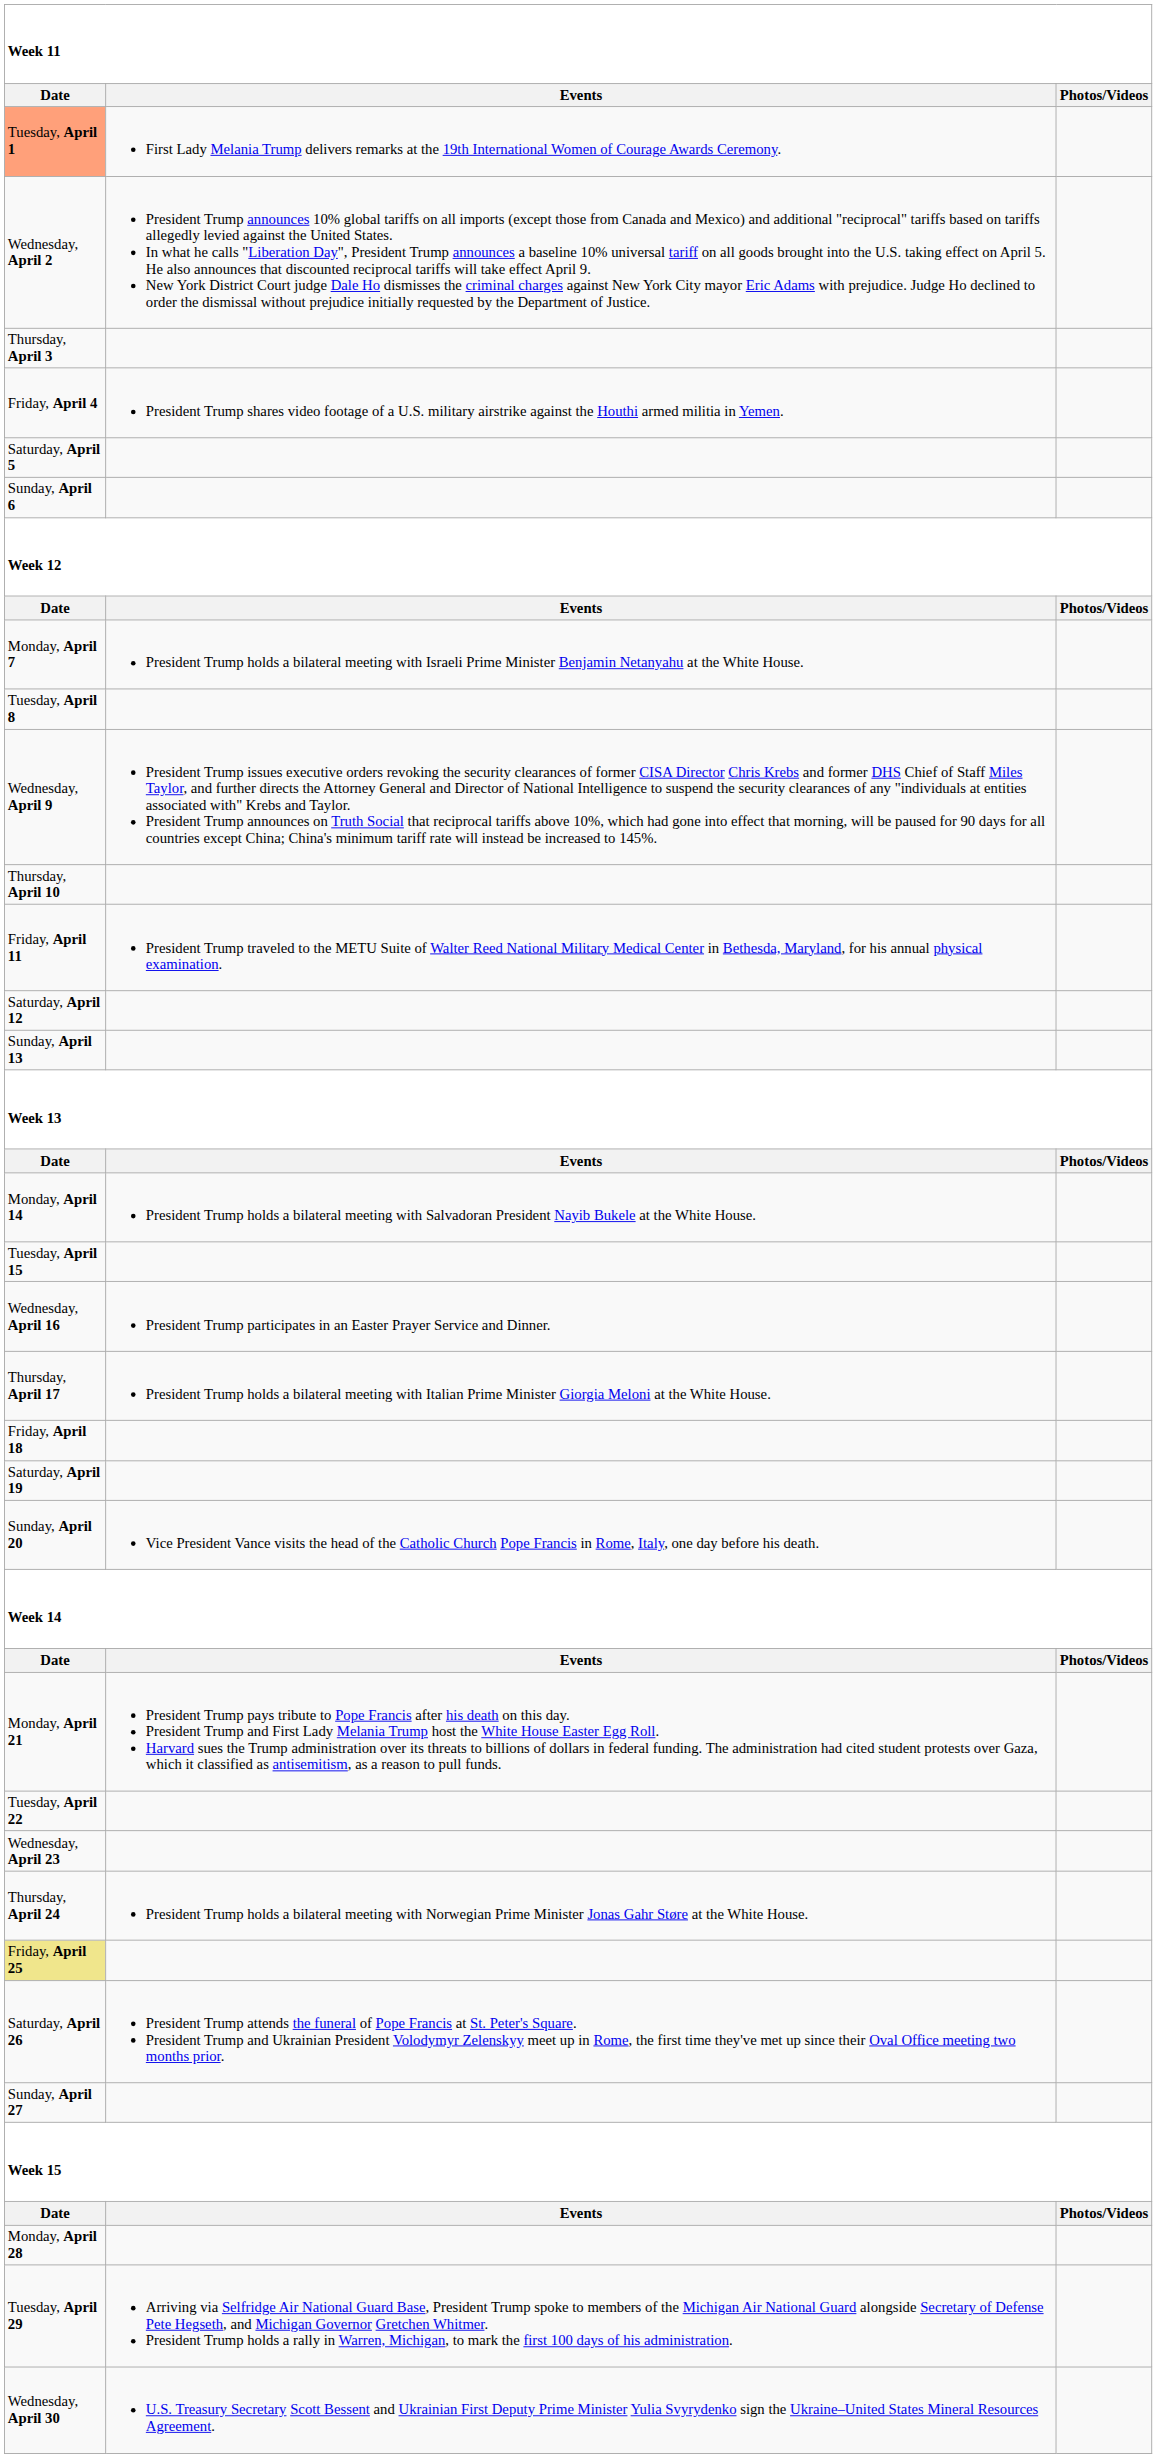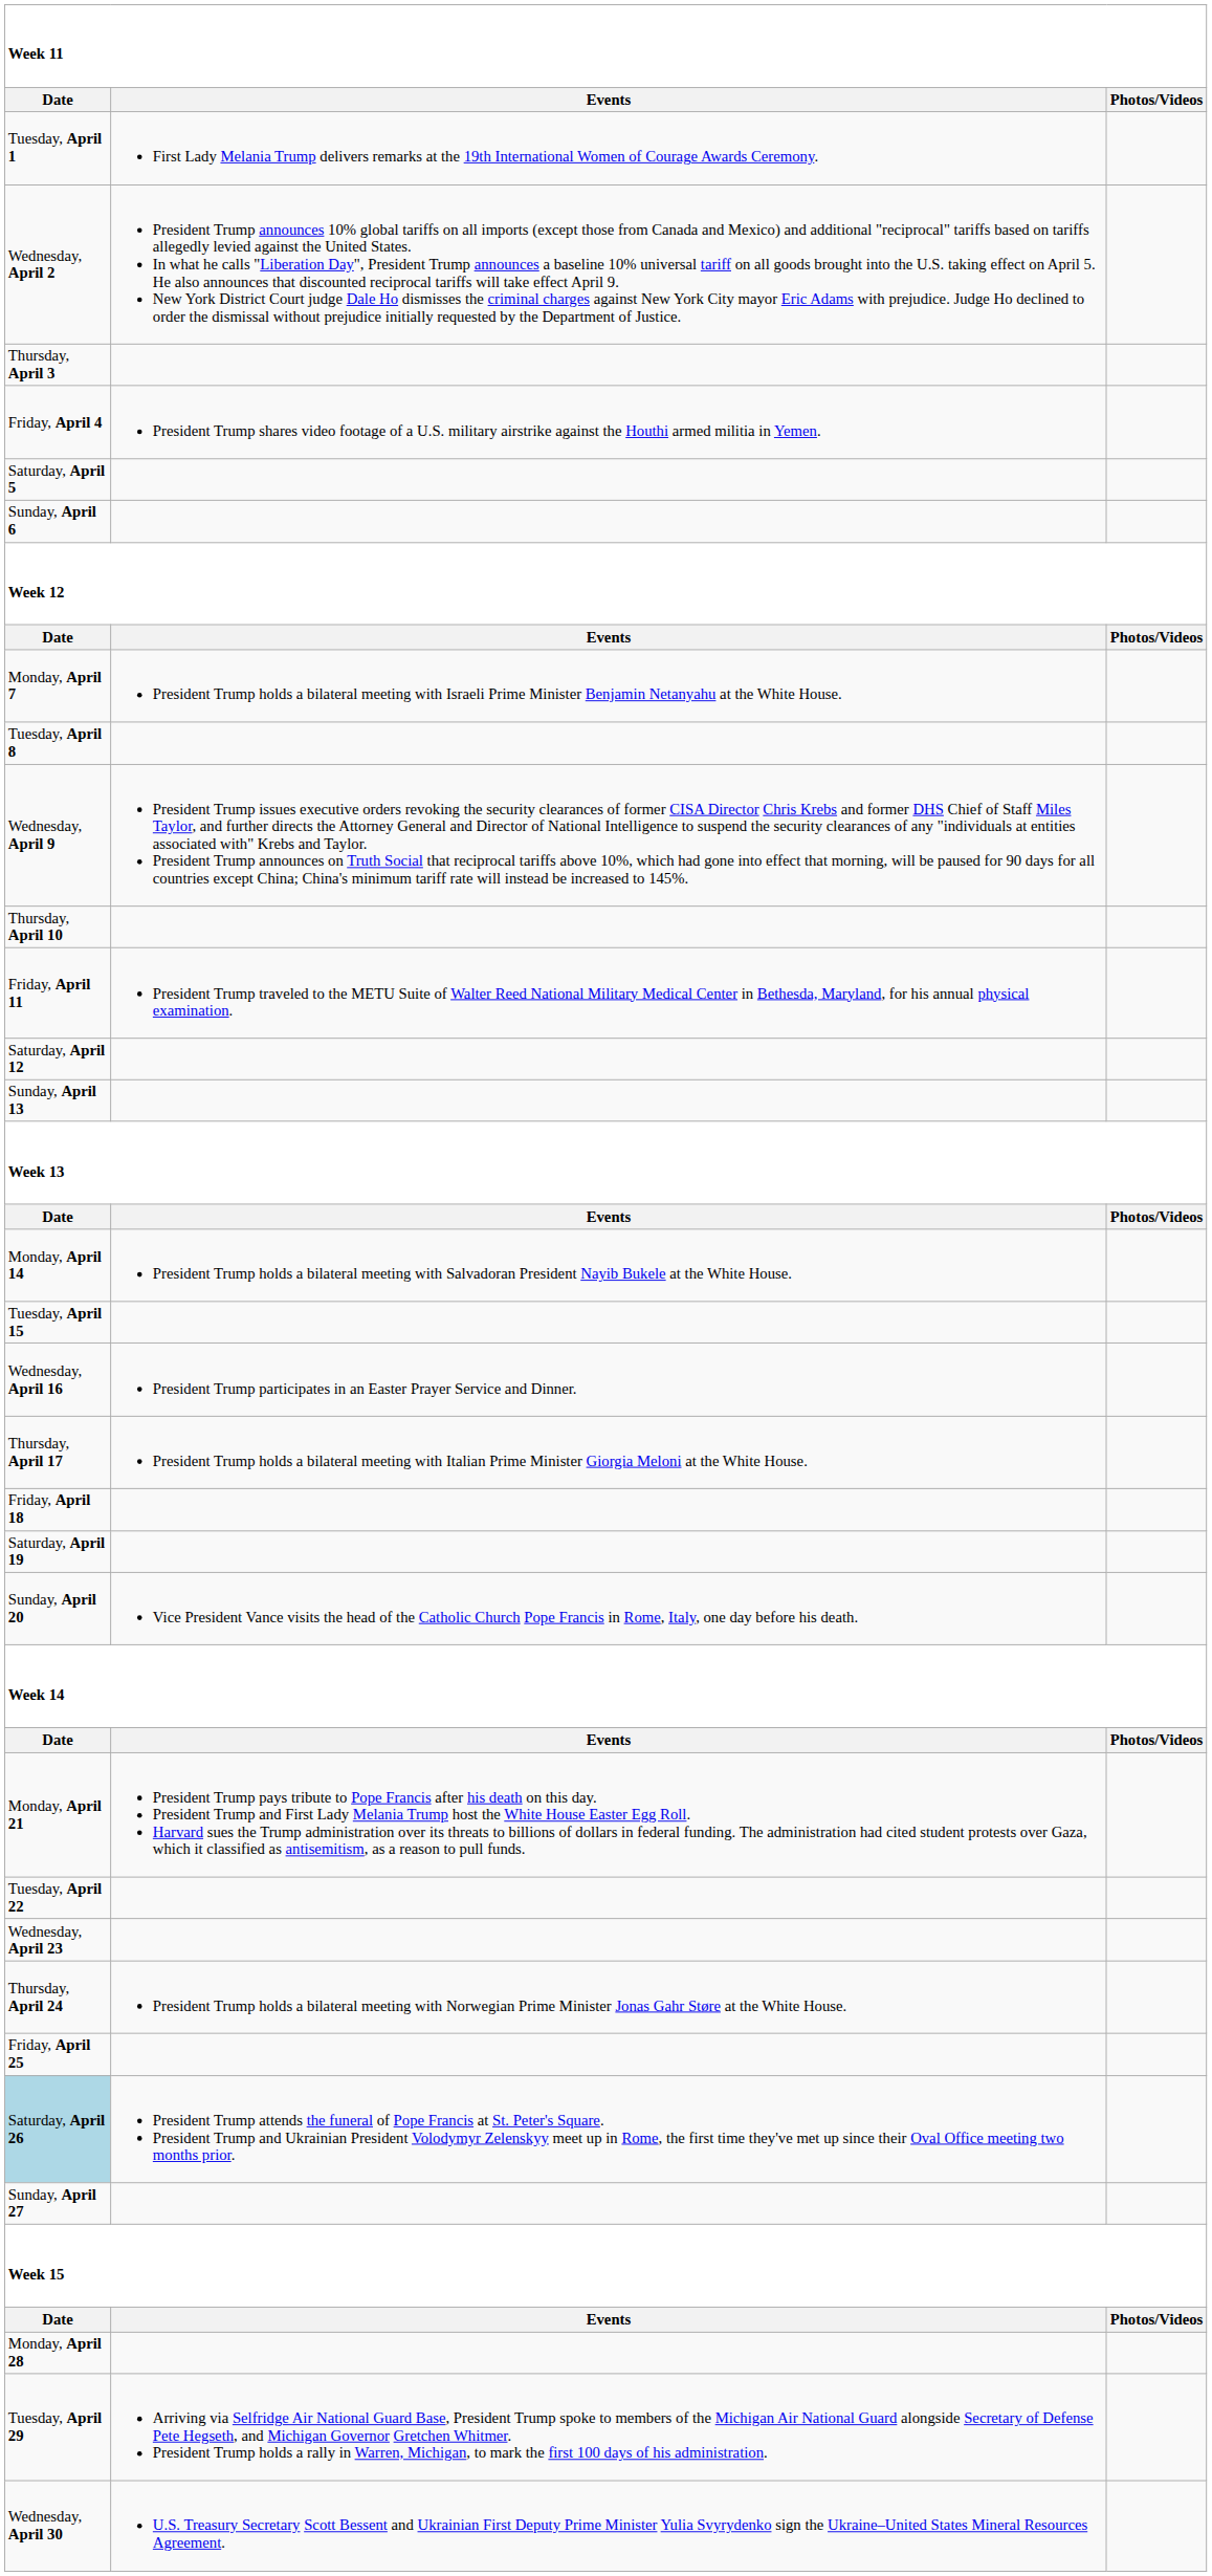 <table class="wikitable">
 <tr style="background:white;">
 <td colspan="3"><br><h4>Week 11</h4></td>
 </tr>
 <tr>
 <th>Date</th>
 <th>Events</th>
 <th>Photos/Videos</th>
 </tr>
 <tr>
-<td style="background: lightsalmon;">Tuesday, <strong>April 1</strong></td>
+<td>Tuesday, <strong>April 1</strong></td>
 <td><br><ul><li>First Lady <a href='#'>Melania Trump</a> delivers remarks at the <a href='#'>19th International Women of Courage Awards Ceremony</a>.</li></ul></td>
 <td></td>
 </tr>
 <tr>
 <td>Wednesday, <strong>April 2</strong></td>
 <td><br><ul><li>President Trump <a href='#'>announces</a> 10% global tariffs on all imports (except those from Canada and Mexico) and additional "reciprocal" tariffs based on tariffs allegedly levied against the United States.</li><li>In what he calls "<a href='#'>Liberation Day</a>", President Trump <a href='#'>announces</a> a baseline 10% universal <a href='#'>tariff</a> on all goods brought into the U.S. taking effect on April 5. He also announces that discounted reciprocal tariffs will take effect April 9.</li><li>New York District Court judge <a href='#'>Dale Ho</a> dismisses the <a href='#'>criminal charges</a> against New York City mayor <a href='#'>Eric Adams</a> with prejudice. Judge Ho declined to order the dismissal without prejudice initially requested by the Department of Justice.</li></ul></td>
 <td></td>
 </tr>
 <tr>
 <td>Thursday, <strong>April 3</strong></td>
 <td></td>
 <td></td>
 </tr>
 <tr>
 <td>Friday, <strong>April 4</strong></td>
 <td><br><ul><li>President Trump shares video footage of a U.S. military airstrike against the <a href='#'>Houthi</a> armed militia in <a href='#'>Yemen</a>.</li></ul></td>
 <td></td>
 </tr>
 <tr>
 <td>Saturday, <strong>April 5</strong></td>
 <td></td>
 <td></td>
 </tr>
 <tr>
 <td>Sunday, <strong>April 6</strong></td>
 <td></td>
 <td></td>
 </tr>
 <tr style="background:white;">
 <td colspan="3"><br><h4>Week 12</h4></td>
 </tr>
 <tr>
 <th>Date</th>
 <th>Events</th>
 <th>Photos/Videos</th>
 </tr>
 <tr>
 <td>Monday, <strong>April 7</strong></td>
 <td><br><ul><li>President Trump holds a bilateral meeting with Israeli Prime Minister <a href='#'>Benjamin Netanyahu</a> at the White House.</li></ul></td>
 <td></td>
 </tr>
 <tr>
 <td>Tuesday, <strong>April 8</strong></td>
 <td></td>
 <td></td>
 </tr>
 <tr>
 <td>Wednesday, <strong>April 9</strong></td>
 <td><br><ul><li>President Trump issues executive orders revoking the security clearances of former <a href='#'>CISA Director</a> <a href='#'>Chris Krebs</a> and former <a href='#'>DHS</a> Chief of Staff <a href='#'>Miles Taylor</a>, and further directs the Attorney General and Director of National Intelligence to suspend the security clearances of any "individuals at entities associated with" Krebs and Taylor.</li><li>President Trump announces on <a href='#'>Truth Social</a> that reciprocal tariffs above 10%, which had gone into effect that morning, will be paused for 90 days for all countries except China; China's minimum tariff rate will instead be increased to 145%.</li></ul></td>
 <td></td>
 </tr>
 <tr>
 <td>Thursday, <strong>April 10</strong></td>
 <td></td>
 <td></td>
 </tr>
 <tr>
 <td>Friday, <strong>April 11</strong></td>
 <td><br><ul><li>President Trump traveled to the METU Suite of <a href='#'>Walter Reed National Military Medical Center</a> in <a href='#'>Bethesda, Maryland</a>, for his annual <a href='#'>physical examination</a>.</li></ul></td>
 <td></td>
 </tr>
 <tr>
 <td>Saturday, <strong>April 12</strong></td>
 <td></td>
 <td></td>
 </tr>
 <tr>
 <td>Sunday, <strong>April 13</strong></td>
 <td></td>
 <td></td>
 </tr>
 <tr style="background:white;">
 <td colspan="3"><br><h4>Week 13</h4></td>
 </tr>
 <tr>
 <th>Date</th>
 <th>Events</th>
 <th>Photos/Videos</th>
 </tr>
 <tr>
 <td>Monday, <strong>April 14</strong></td>
 <td><br><ul><li>President Trump holds a bilateral meeting with Salvadoran President <a href='#'>Nayib Bukele</a> at the White House.</li></ul></td>
 <td></td>
 </tr>
 <tr>
 <td>Tuesday, <strong>April 15</strong></td>
 <td></td>
 <td></td>
 </tr>
 <tr>
 <td>Wednesday, <strong>April 16</strong></td>
 <td><br><ul><li>President Trump participates in an Easter Prayer Service and Dinner.</li></ul></td>
 <td></td>
 </tr>
 <tr>
 <td>Thursday, <strong>April 17</strong></td>
 <td><br><ul><li>President Trump holds a bilateral meeting with Italian Prime Minister <a href='#'>Giorgia Meloni</a> at the White House.</li></ul></td>
 <td></td>
 </tr>
 <tr>
 <td>Friday, <strong>April 18</strong></td>
 <td></td>
 <td></td>
 </tr>
 <tr>
 <td>Saturday, <strong>April 19</strong></td>
 <td></td>
 <td></td>
 </tr>
 <tr>
 <td>Sunday, <strong>April 20</strong></td>
 <td><br><ul><li>Vice President Vance visits the head of the <a href='#'>Catholic Church</a> <a href='#'>Pope Francis</a> in <a href='#'>Rome</a>, <a href='#'>Italy</a>, one day before his death.</li></ul></td>
 <td></td>
 </tr>
 <tr style="background:white;">
 <td colspan="3"><br><h4>Week 14</h4></td>
 </tr>
 <tr>
 <th>Date</th>
 <th>Events</th>
 <th>Photos/Videos</th>
 </tr>
 <tr>
 <td>Monday, <strong>April 21</strong></td>
 <td><br><ul><li>President Trump pays tribute to <a href='#'>Pope Francis</a> after <a href='#'>his death</a> on this day.</li><li>President Trump and First Lady <a href='#'>Melania Trump</a> host the <a href='#'>White House Easter Egg Roll</a>.</li><li><a href='#'>Harvard</a> sues the Trump administration over its threats to billions of dollars in federal funding. The administration had cited student protests over Gaza, which it classified as <a href='#'>antisemitism</a>, as a reason to pull funds.</li></ul></td>
 <td></td>
 </tr>
 <tr>
 <td>Tuesday, <strong>April 22</strong></td>
 <td></td>
 <td></td>
 </tr>
 <tr>
 <td>Wednesday, <strong>April 23</strong></td>
 <td></td>
 <td></td>
 </tr>
 <tr>
 <td>Thursday, <strong>April 24</strong></td>
 <td><br><ul><li>President Trump holds a bilateral meeting with Norwegian Prime Minister <a href='#'>Jonas Gahr Støre</a> at the White House.</li></ul></td>
 <td></td>
 </tr>
 <tr>
-<td style="background: khaki;">Friday, <strong>April 25</strong></td>
+<td>Friday, <strong>April 25</strong></td>
 <td></td>
 <td></td>
 </tr>
 <tr>
-<td>Saturday, <strong>April 26</strong></td>
+<td style="background: lightblue;">Saturday, <strong>April 26</strong></td>
 <td><br><ul><li>President Trump attends <a href='#'>the funeral</a> of <a href='#'>Pope Francis</a> at <a href='#'>St. Peter's Square</a>.</li><li>President Trump and Ukrainian President <a href='#'>Volodymyr Zelenskyy</a> meet up in <a href='#'>Rome</a>, the first time they've met up since their <a href='#'>Oval Office meeting two months prior</a>.</li></ul></td>
 <td></td>
 </tr>
 <tr>
 <td>Sunday, <strong>April 27</strong></td>
 <td></td>
 <td></td>
 </tr>
 <tr style="background:white;">
 <td colspan="3"><br><h4>Week 15</h4></td>
 </tr>
 <tr>
 <th>Date</th>
 <th>Events</th>
 <th>Photos/Videos</th>
 </tr>
 <tr>
 <td>Monday, <strong>April 28</strong></td>
 <td></td>
 <td></td>
 </tr>
 <tr>
 <td>Tuesday, <strong>April 29</strong></td>
 <td><br><ul><li>Arriving via <a href='#'>Selfridge Air National Guard Base</a>, President Trump spoke to members of the <a href='#'>Michigan Air National Guard</a> alongside <a href='#'>Secretary of Defense</a> <a href='#'>Pete Hegseth</a>, and <a href='#'>Michigan Governor</a> <a href='#'>Gretchen Whitmer</a>.</li><li>President Trump holds a rally in <a href='#'>Warren, Michigan</a>, to mark the <a href='#'>first 100 days of his administration</a>.</li></ul></td>
 <td></td>
 </tr>
 <tr>
 <td>Wednesday, <strong>April 30</strong></td>
 <td><br><ul><li><a href='#'>U.S. Treasury Secretary</a> <a href='#'>Scott Bessent</a> and <a href='#'>Ukrainian First Deputy Prime Minister</a> <a href='#'>Yulia Svyrydenko</a> sign the <a href='#'>Ukraine–United States Mineral Resources Agreement</a>.</li></ul></td>
 <td></td>
 </tr>
 </table>
